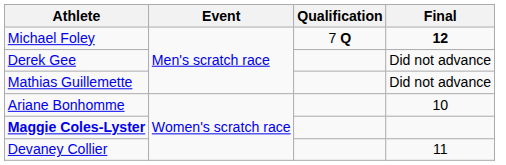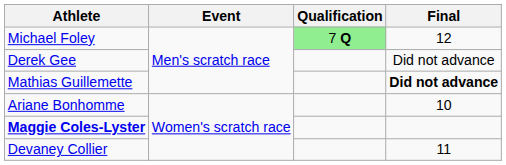 <table class="wikitable" style="font-size:90%;">
 <tr>
 <th>Athlete</th>
 <th>Event</th>
 <th>Qualification</th>
 <th>Final</th>
 </tr>
 <tr align=center>
 <td align=left><a href='#'>Michael Foley</a></td>
 <td align=left rowspan=3><a href='#'>Men's scratch race</a></td>
-<td>7 <strong>Q</strong></td>
-<td><strong>12</strong></td>
+<td style="background: lightgreen;">7 <strong>Q</strong></td>
+<td>12</td>
 </tr>
 <tr align=center>
 <td align=left><a href='#'>Derek Gee</a></td>
 <td></td>
 <td>Did not advance</td>
 </tr>
 <tr align=center>
 <td align=left><a href='#'>Mathias Guillemette</a></td>
 <td></td>
-<td>Did not advance</td>
+<td><strong>Did not advance</strong></td>
 </tr>
 <tr align=center>
 <td align=left><a href='#'>Ariane Bonhomme</a></td>
 <td align=left rowspan=3><a href='#'>Women's scratch race</a></td>
 <td></td>
 <td>10</td>
 </tr>
 <tr align=center>
 <td align=left><strong><a href='#'>Maggie Coles-Lyster</a></strong></td>
 <td></td>
 <td></td>
 </tr>
 <tr align=center>
 <td align=left><a href='#'>Devaney Collier</a></td>
 <td></td>
 <td>11</td>
 </tr>
 </table>
